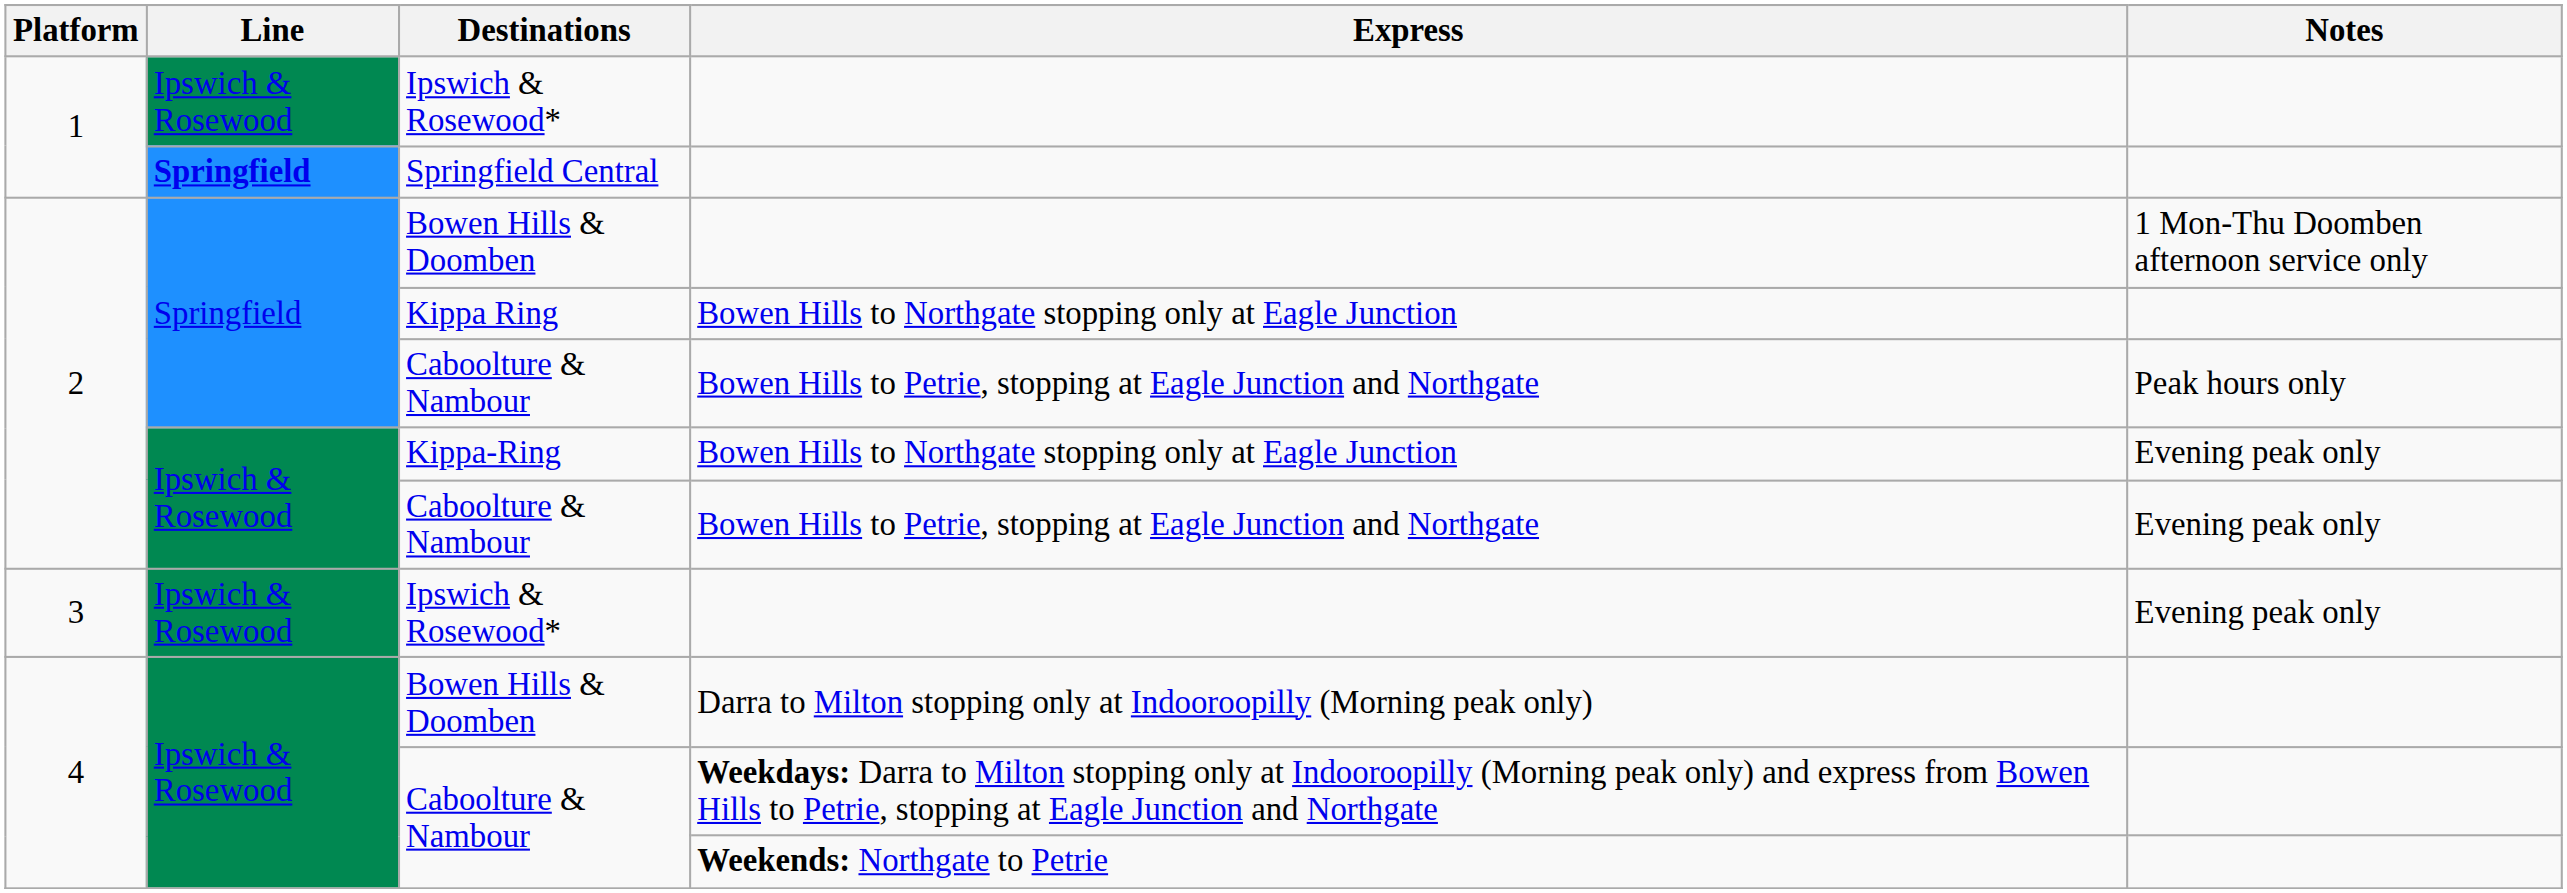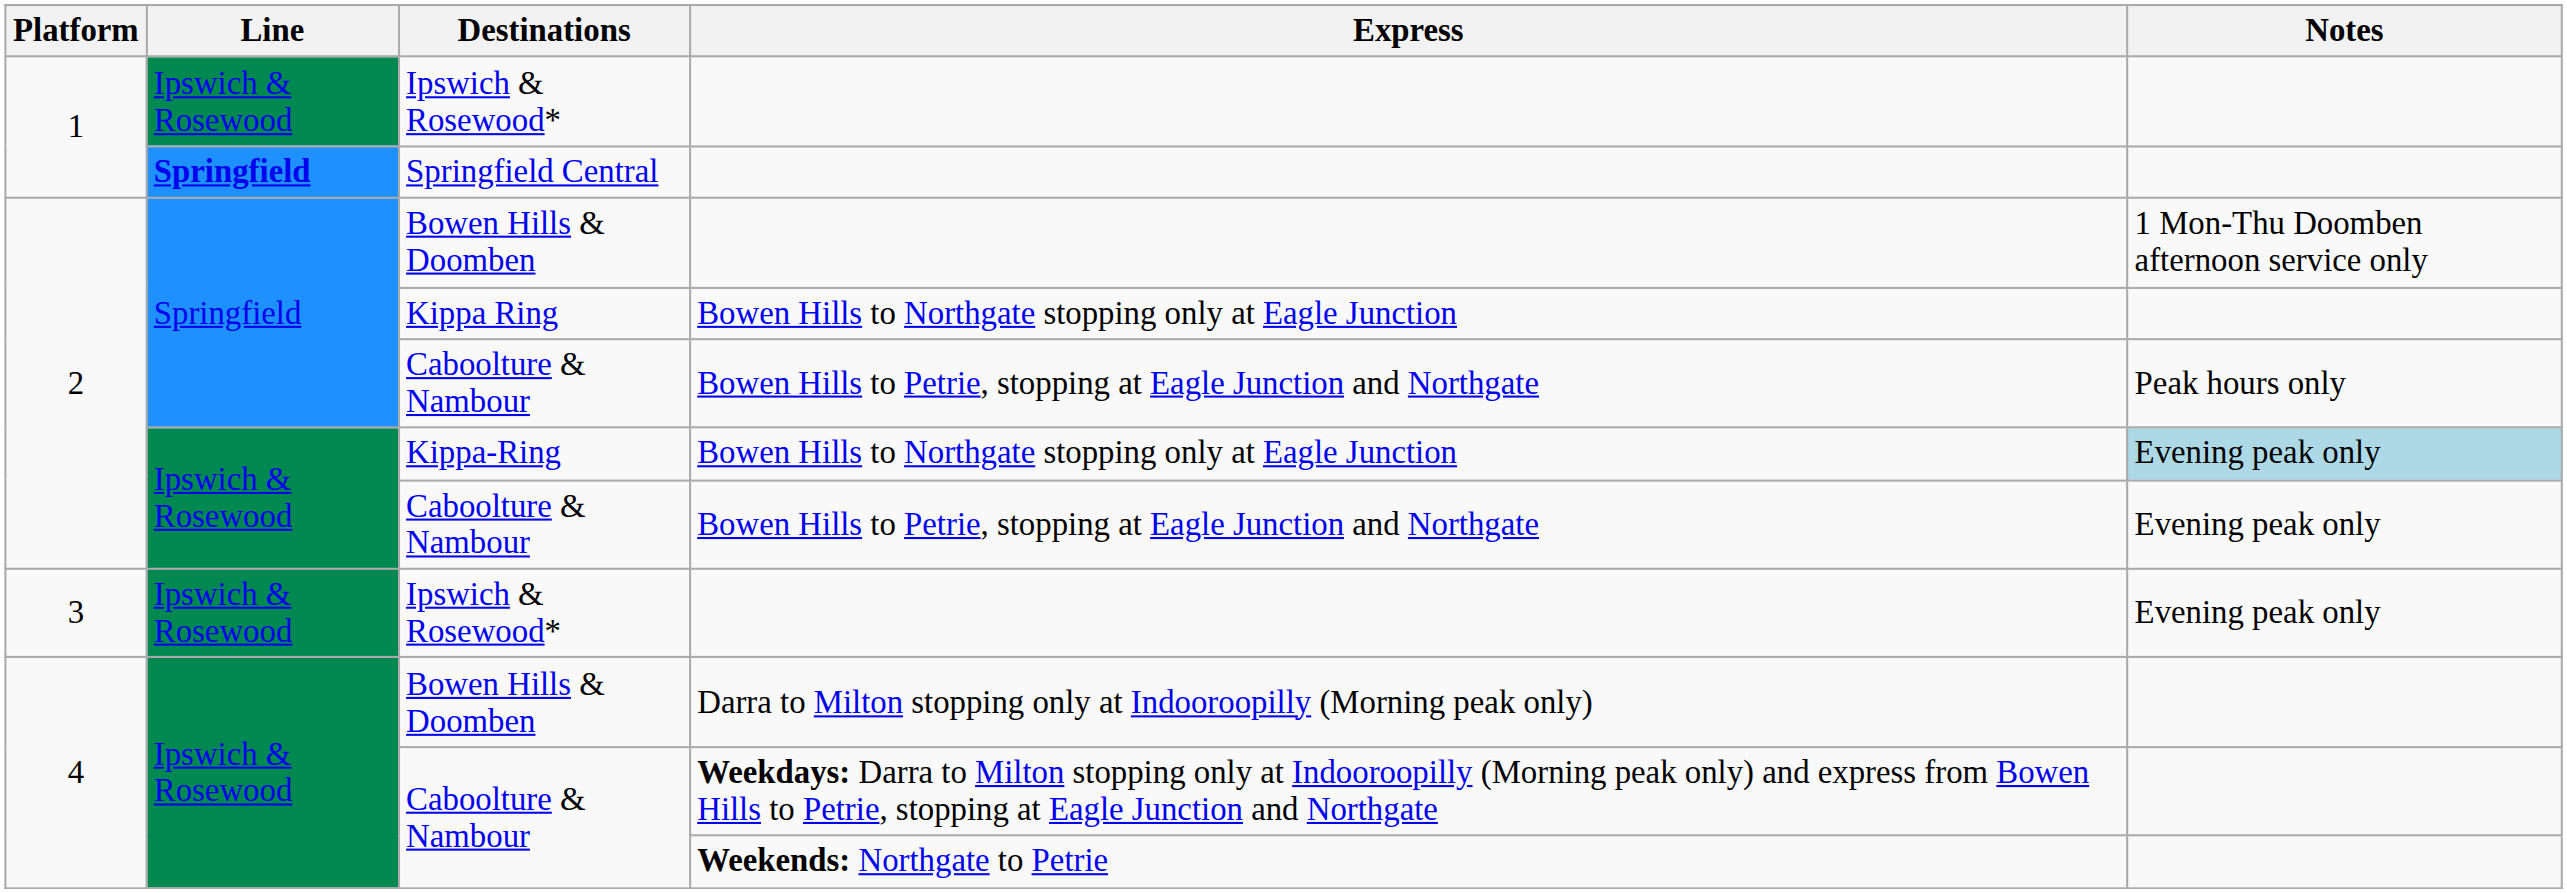 <table class="wikitable" style="float: none; margin: 0.5em; ">
 <tr>
 <th>Platform</th>
 <th>Line</th>
 <th>Destinations</th>
 <th>Express</th>
 <th>Notes</th>
 </tr>
 <tr>
 <td rowspan="2" style="text-align:center;">1</td>
 <td style=background:#008851><a href='#'><span>Ipswich & Rosewood</span></a></td>
 <td><a href='#'>Ipswich</a> & <a href='#'>Rosewood</a>*</td>
 <td></td>
 <td></td>
 </tr>
 <tr>
 <td style=background:#1e90ff><strong><a href='#'><span>Springfield</span></a></strong></td>
 <td><a href='#'>Springfield Central</a></td>
 <td></td>
 <td></td>
 </tr>
 <tr>
 <td rowspan="5" style="text-align:center;">2</td>
 <td rowspan="3" style=background:#1e90ff><a href='#'><span>Springfield</span></a></td>
 <td><a href='#'>Bowen Hills</a> & <a href='#'>Doomben</a></td>
 <td></td>
 <td>1 Mon-Thu Doomben afternoon service only</td>
 </tr>
 <tr>
 <td><a href='#'>Kippa Ring</a></td>
 <td><a href='#'>Bowen Hills</a> to <a href='#'>Northgate</a> stopping only at <a href='#'>Eagle Junction</a></td>
 <td></td>
 </tr>
 <tr>
 <td><a href='#'>Caboolture</a> & <a href='#'>Nambour</a></td>
 <td><a href='#'>Bowen Hills</a> to <a href='#'>Petrie</a>, stopping at <a href='#'>Eagle Junction</a> and <a href='#'>Northgate</a></td>
 <td>Peak hours only</td>
 </tr>
 <tr>
 <td rowspan="2" style=background:#008851><a href='#'><span>Ipswich & Rosewood</span></a></td>
 <td><a href='#'>Kippa-Ring</a></td>
 <td><a href='#'>Bowen Hills</a> to <a href='#'>Northgate</a> stopping only at <a href='#'>Eagle Junction</a></td>
-<td>Evening peak only</td>
+<td style="background: lightblue;">Evening peak only</td>
 </tr>
 <tr>
 <td><a href='#'>Caboolture</a> & <a href='#'>Nambour</a></td>
 <td><a href='#'>Bowen Hills</a> to <a href='#'>Petrie</a>, stopping at <a href='#'>Eagle Junction</a> and <a href='#'>Northgate</a></td>
 <td>Evening peak only</td>
 </tr>
 <tr>
 <td style="text-align:center;">3</td>
 <td style=background:#008851><a href='#'><span>Ipswich & Rosewood</span></a></td>
 <td><a href='#'>Ipswich</a> & <a href='#'>Rosewood</a>*</td>
 <td></td>
 <td>Evening peak only</td>
 </tr>
 <tr>
 <td rowspan="3" style="text-align:center;">4</td>
 <td rowspan="3" style="background:#008851"><a href='#'><span>Ipswich & Rosewood</span></a></td>
 <td><a href='#'>Bowen Hills</a> & <a href='#'>Doomben</a></td>
 <td>Darra to <a href='#'>Milton</a> stopping only at <a href='#'>Indooroopilly</a> (Morning peak only)</td>
 <td></td>
 </tr>
 <tr>
 <td rowspan="2"><a href='#'>Caboolture</a> & <a href='#'>Nambour</a></td>
 <td><strong>Weekdays:</strong> Darra to <a href='#'>Milton</a> stopping only at <a href='#'>Indooroopilly</a> (Morning peak only) and express from <a href='#'>Bowen Hills</a> to <a href='#'>Petrie</a>, stopping at <a href='#'>Eagle Junction</a> and <a href='#'>Northgate</a></td>
 <td></td>
 </tr>
 <tr>
 <td><strong>Weekends:</strong> <a href='#'>Northgate</a> to <a href='#'>Petrie</a></td>
 <td></td>
 </tr>
 <tr>
 </tr>
 </table>
